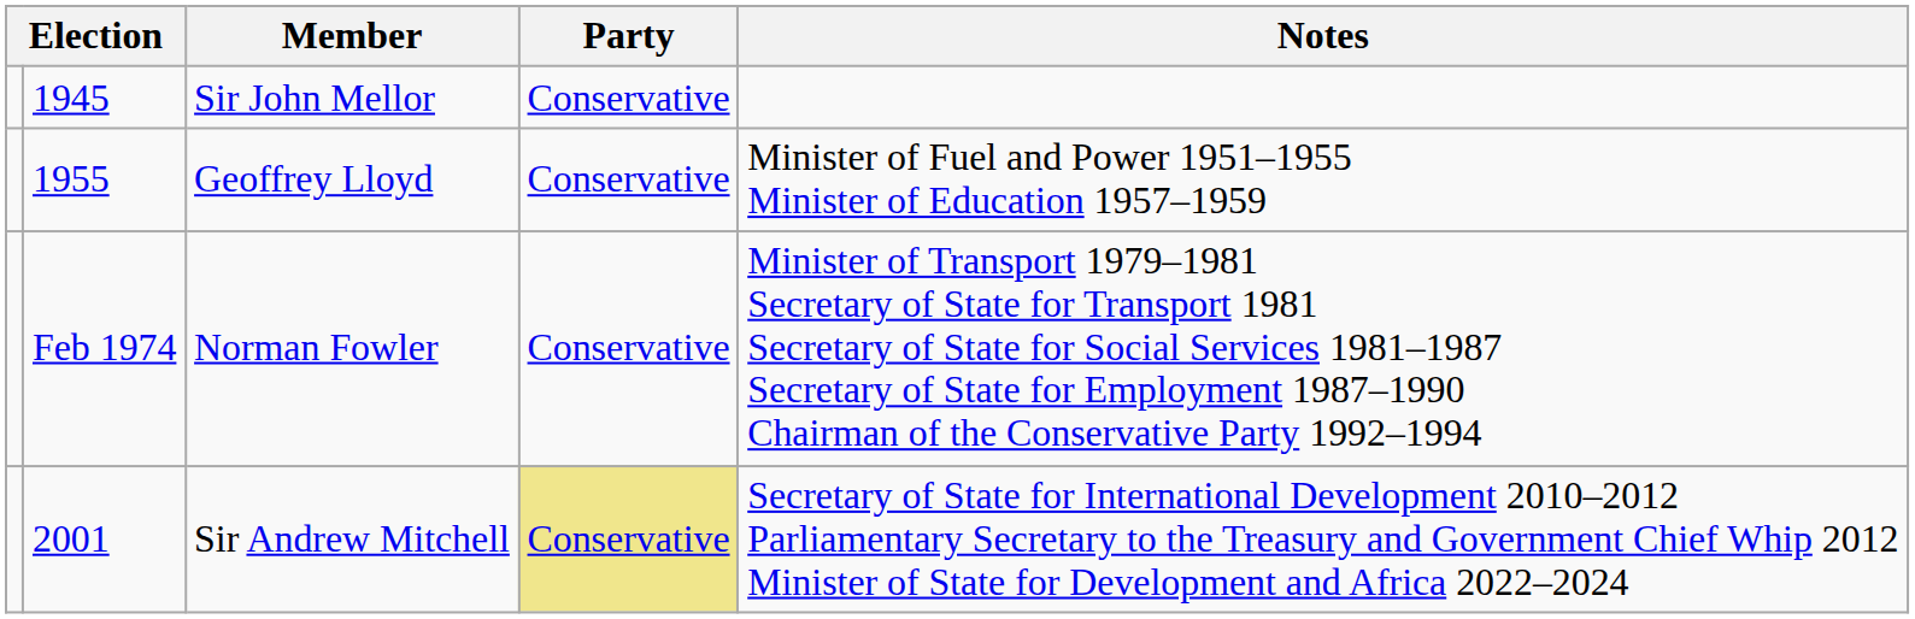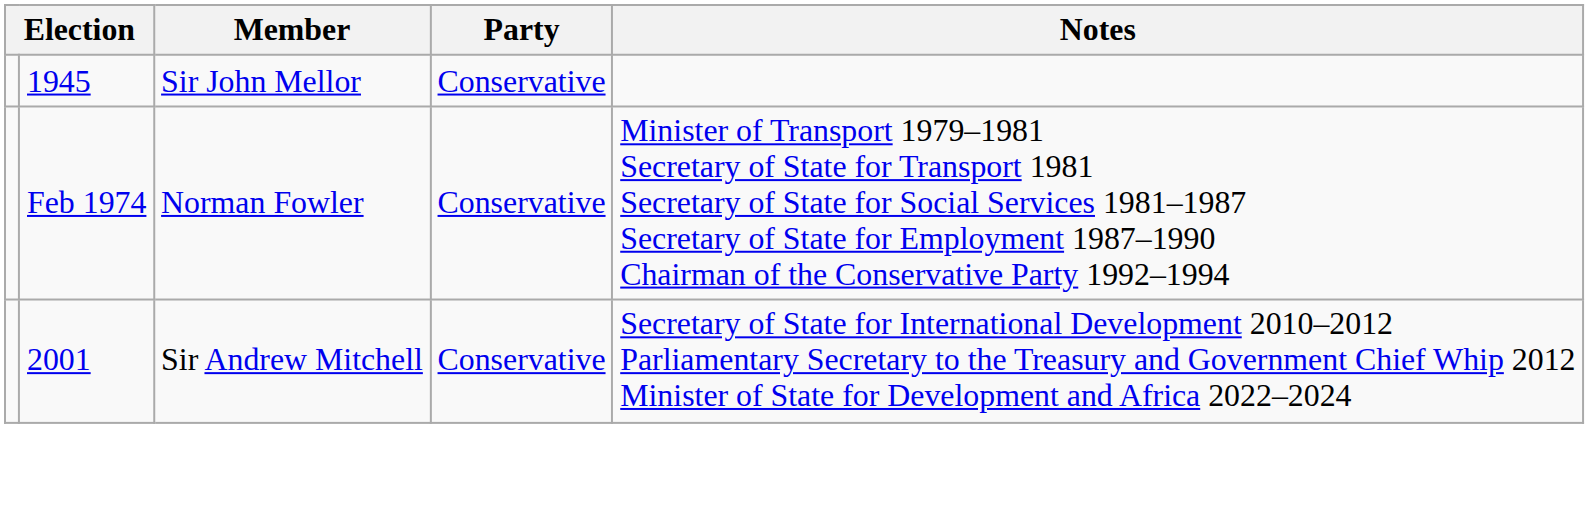 <table class="wikitable">
 <tr>
 <th colspan="2">Election</th>
 <th>Member</th>
 <th>Party</th>
 <th>Notes</th>
 </tr>
 <tr>
 <td style="color:inherit;background-color: "></td>
 <td><a href='#'>1945</a></td>
 <td><a href='#'>Sir John Mellor</a></td>
 <td><a href='#'>Conservative</a></td>
 <td></td>
 </tr>
 <tr>
 <td style="color:inherit;background-color: "></td>
-<td><a href='#'>1955</a></td>
-<td><a href='#'>Geoffrey Lloyd</a></td>
-<td><a href='#'>Conservative</a></td>
-<td>Minister of Fuel and Power 1951–1955<br><a href='#'>Minister of Education</a> 1957–1959</td>
-</tr>
-<tr>
-<td style="color:inherit;background-color: "></td>
 <td><a href='#'>Feb 1974</a></td>
 <td><a href='#'>Norman Fowler</a></td>
 <td><a href='#'>Conservative</a></td>
 <td><a href='#'>Minister of Transport</a> 1979–1981<br><a href='#'>Secretary of State for Transport</a> 1981<br><a href='#'>Secretary of State for Social Services</a> 1981–1987<br><a href='#'>Secretary of State for Employment</a> 1987–1990<br><a href='#'>Chairman of the Conservative Party</a> 1992–1994</td>
 </tr>
 <tr>
 <td style="color:inherit;background-color: "></td>
 <td><a href='#'>2001</a></td>
 <td>Sir <a href='#'>Andrew Mitchell</a></td>
-<td style="background: khaki;"><a href='#'>Conservative</a></td>
+<td><a href='#'>Conservative</a></td>
 <td><a href='#'>Secretary of State for International Development</a> 2010–2012<br><a href='#'>Parliamentary Secretary to the Treasury and Government Chief Whip</a> 2012<br><a href='#'>Minister of State for Development and Africa</a> 2022–2024</td>
 </tr>
 </table>
